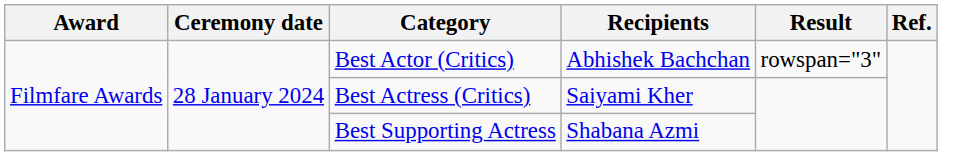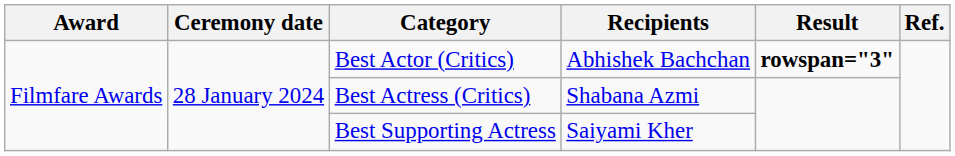 <table class="wikitable">
 <tr>
 <th>Award</th>
 <th>Ceremony date</th>
 <th>Category</th>
 <th>Recipients</th>
 <th>Result</th>
 <th>Ref.</th>
 </tr>
 <tr>
 <td rowspan="3"><a href='#'>Filmfare Awards</a></td>
 <td rowspan="3"><a href='#'>28 January 2024</a></td>
 <td><a href='#'>Best Actor (Critics)</a></td>
 <td><a href='#'>Abhishek Bachchan</a></td>
-<td>rowspan="3" </td>
+<td><strong>rowspan="3" </strong></td>
 <td rowspan="3"></td>
 </tr>
 <tr>
 <td><a href='#'>Best Actress (Critics)</a></td>
-<td><a href='#'>Saiyami Kher</a></td>
+<td><a href='#'>Shabana Azmi</a></td>
 </tr>
 <tr>
 <td><a href='#'>Best Supporting Actress</a></td>
-<td><a href='#'>Shabana Azmi</a></td>
+<td><a href='#'>Saiyami Kher</a></td>
 </tr>
 </table>
